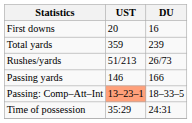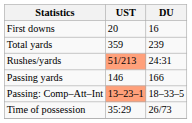 <table class="wikitable" style="float: left;">
 <tr>
 <th>Statistics</th>
 <th>UST</th>
 <th>DU</th>
 </tr>
 <tr>
 <td>First downs</td>
 <td>20</td>
 <td>16</td>
 </tr>
 <tr>
 <td>Total yards</td>
 <td>359</td>
 <td>239</td>
 </tr>
 <tr>
 <td>Rushes/yards</td>
-<td>51/213</td>
-<td>26/73</td>
+<td style="background: lightsalmon;">51/213</td>
+<td>24:31</td>
 </tr>
 <tr>
 <td>Passing yards</td>
 <td>146</td>
 <td>166</td>
 </tr>
 <tr>
 <td>Passing: Comp–Att–Int</td>
 <td style="background: lightsalmon;">13–23–1</td>
 <td>18–33–5</td>
 </tr>
 <tr>
 <td>Time of possession</td>
 <td>35:29</td>
-<td>24:31</td>
+<td>26/73</td>
 </tr>
 <tr>
 </tr>
 </table>
